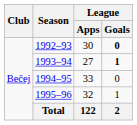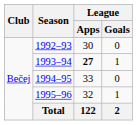 <table class="wikitable" style="text-align:center">
 <tr>
 <th rowspan="2">Club</th>
 <th rowspan="2">Season</th>
 <th colspan="2">League</th>
 </tr>
 <tr>
 <th>Apps</th>
 <th>Goals</th>
 </tr>
 <tr>
 <td rowspan="5"><a href='#'>Bečej</a></td>
 <td><a href='#'>1992–93</a></td>
 <td>30</td>
-<td><strong>0</strong></td>
+<td>0</td>
 </tr>
 <tr>
 <td><a href='#'>1993–94</a></td>
-<td>27</td>
-<td><strong>1</strong></td>
+<td><strong>27</strong></td>
+<td>1</td>
 </tr>
 <tr>
 <td><a href='#'>1994–95</a></td>
 <td>33</td>
 <td>0</td>
 </tr>
 <tr>
 <td><a href='#'>1995–96</a></td>
 <td>32</td>
 <td>1</td>
 </tr>
 <tr>
 <th>Total</th>
 <th>122</th>
 <th>2</th>
 </tr>
 </table>
